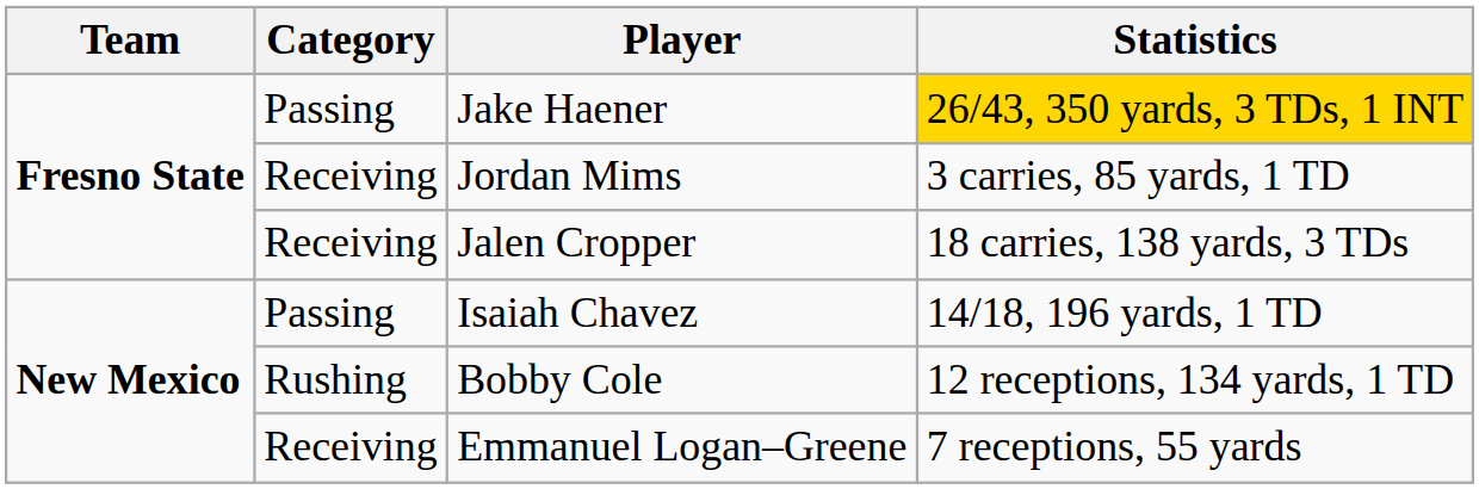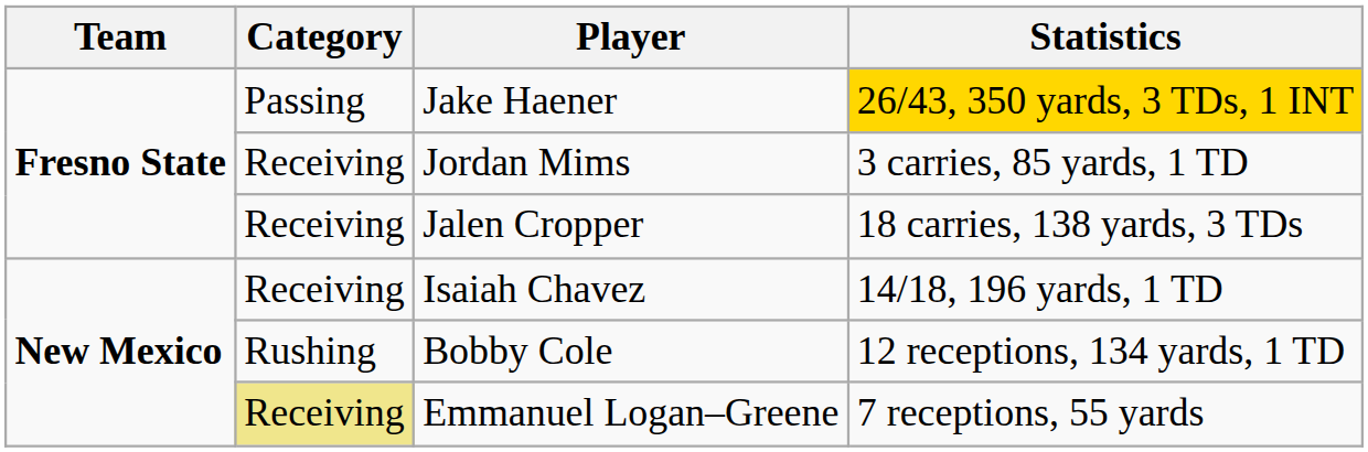 <table class="wikitable" style="float: left;">
 <tr>
 <th>Team</th>
 <th>Category</th>
 <th>Player</th>
 <th>Statistics</th>
 </tr>
 <tr>
 <td rowspan=3><strong>Fresno State</strong></td>
 <td>Passing</td>
 <td>Jake Haener</td>
 <td style="background: gold;">26/43, 350 yards, 3 TDs, 1 INT</td>
 </tr>
 <tr>
 <td>Receiving</td>
 <td>Jordan Mims</td>
 <td>3 carries, 85 yards, 1 TD</td>
 </tr>
 <tr>
 <td>Receiving</td>
 <td>Jalen Cropper</td>
 <td>18 carries, 138 yards, 3 TDs</td>
 </tr>
 <tr>
 <td rowspan=3><strong>New Mexico</strong></td>
-<td>Passing</td>
+<td>Receiving</td>
 <td>Isaiah Chavez</td>
 <td>14/18, 196 yards, 1 TD</td>
 </tr>
 <tr>
 <td>Rushing</td>
 <td>Bobby Cole</td>
 <td>12 receptions, 134 yards, 1 TD</td>
 </tr>
 <tr>
-<td>Receiving</td>
+<td style="background: khaki;">Receiving</td>
 <td>Emmanuel Logan–Greene</td>
 <td>7 receptions, 55 yards</td>
 </tr>
 </table>
